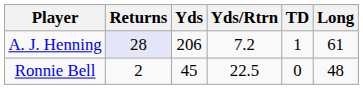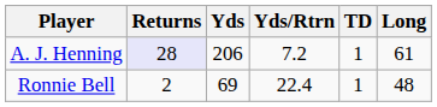 <table class="wikitable sortable sortable" style="text-align: center">
 <tr align=center>
 <th>Player</th>
 <th>Returns</th>
 <th>Yds</th>
 <th>Yds/Rtrn</th>
 <th>TD</th>
 <th>Long</th>
 </tr>
 <tr>
 <td><a href='#'>A. J. Henning</a></td>
 <td style="background: lavender;">28</td>
 <td>206</td>
 <td>7.2</td>
 <td>1</td>
 <td>61</td>
 </tr>
 <tr>
 <td><a href='#'>Ronnie Bell</a></td>
 <td>2</td>
-<td>45</td>
-<td>22.5</td>
-<td>0</td>
+<td>69</td>
+<td>22.4</td>
+<td>1</td>
 <td>48</td>
 </tr>
 </table>
